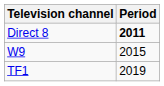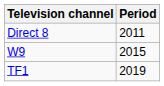 <table class="wikitable" style="text-align: left">
 <tr>
 <th>Television channel</th>
 <th>Period</th>
 </tr>
 <tr>
 <td><a href='#'>Direct 8</a></td>
-<td><strong>2011</strong></td>
+<td>2011</td>
 </tr>
 <tr>
 <td><a href='#'>W9</a></td>
 <td>2015</td>
 </tr>
 <tr>
 <td><a href='#'>TF1</a></td>
 <td>2019</td>
 </tr>
 </table>
